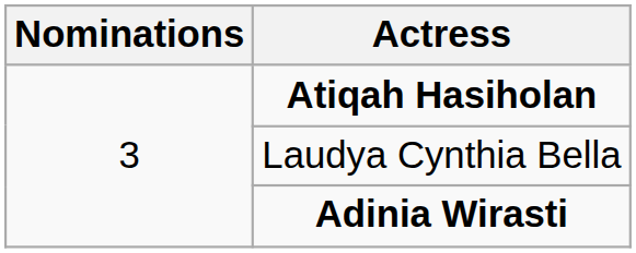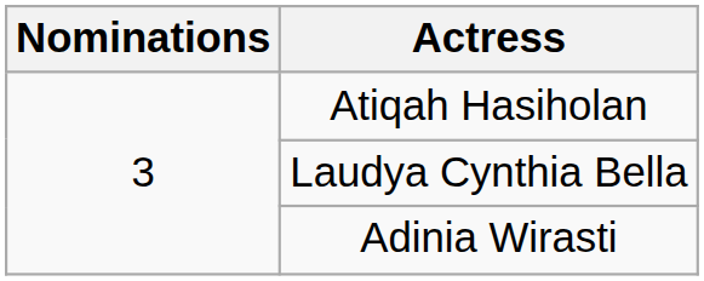 <table class="wikitable" style="text-align:center;">
 <tr>
 <th scope="col" width="55">Nominations</th>
 <th scope="col" align="center">Actress</th>
 </tr>
 <tr>
 <td rowspan="3">3</td>
-<td><strong>Atiqah Hasiholan</strong></td>
+<td>Atiqah Hasiholan</td>
 </tr>
 <tr>
 <td>Laudya Cynthia Bella</td>
 </tr>
 <tr>
-<td><strong>Adinia Wirasti</strong></td>
+<td>Adinia Wirasti</td>
 </tr>
 </table>
